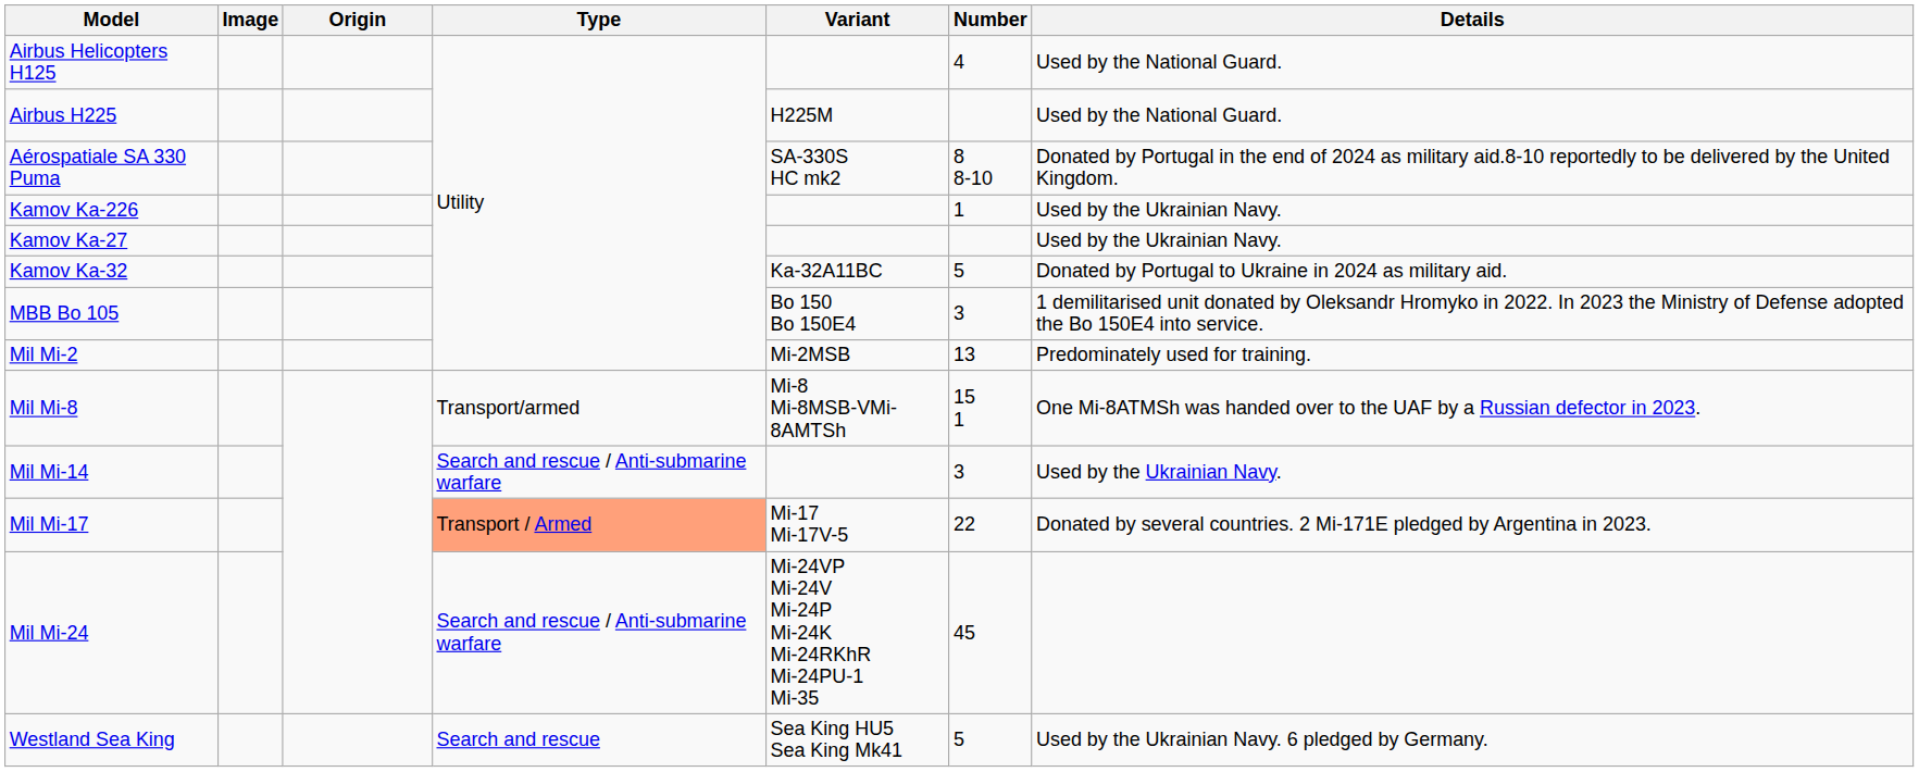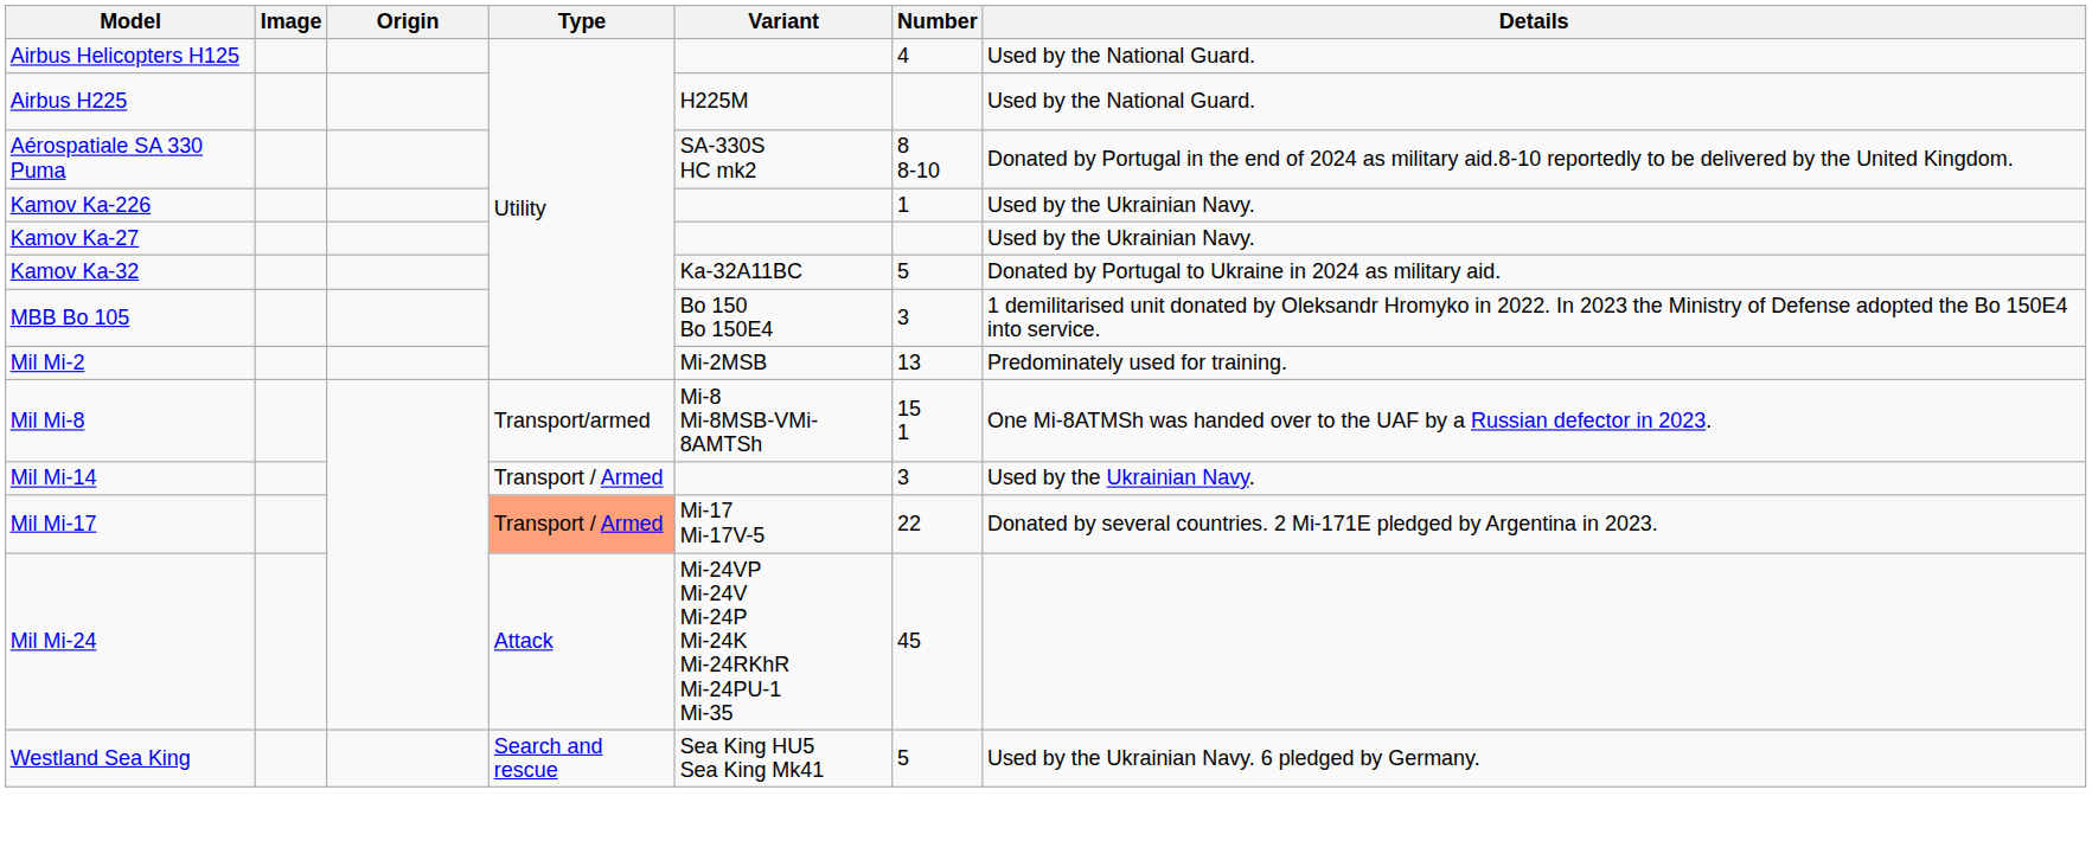 <table class="wikitable sortable">
 <tr>
 <th>Model</th>
 <th>Image</th>
 <th style="width:115px;">Origin</th>
 <th>Type</th>
 <th>Variant</th>
 <th>Number</th>
 <th>Details</th>
 </tr>
 <tr>
 <td><a href='#'>Airbus Helicopters H125</a></td>
 <td></td>
 <td></td>
 <td rowspan="8">Utility</td>
 <td></td>
 <td>4</td>
 <td>Used by the National Guard.</td>
 </tr>
 <tr>
 <td><a href='#'>Airbus H225</a></td>
 <td></td>
 <td><br><br></td>
 <td>H225M</td>
 <td></td>
 <td>Used by the National Guard.</td>
 </tr>
 <tr>
 <td><a href='#'>Aérospatiale SA 330 Puma</a></td>
 <td></td>
 <td></td>
 <td>SA-330S<br>HC mk2</td>
 <td>8<br>8-10</td>
 <td>Donated by Portugal in the end of 2024 as military aid.8-10 reportedly to be delivered by the United Kingdom.</td>
 </tr>
 <tr>
 <td><a href='#'>Kamov Ka-226</a></td>
 <td></td>
 <td></td>
 <td></td>
 <td>1</td>
 <td>Used by the Ukrainian Navy.</td>
 </tr>
 <tr>
 <td><a href='#'>Kamov Ka-27</a></td>
 <td></td>
 <td></td>
 <td></td>
 <td></td>
 <td>Used by the Ukrainian Navy.</td>
 </tr>
 <tr>
 <td><a href='#'>Kamov Ka-32</a></td>
 <td></td>
 <td></td>
 <td>Ka-32A11BC</td>
 <td>5</td>
 <td>Donated by Portugal to Ukraine in 2024 as military aid.</td>
 </tr>
 <tr>
 <td><a href='#'>MBB Bo 105</a></td>
 <td></td>
 <td></td>
 <td>Bo 150<br>Bo 150E4</td>
 <td>3</td>
 <td>1 demilitarised unit donated by Oleksandr Hromyko in 2022. In 2023 the Ministry of Defense adopted the Bo 150E4 into service.</td>
 </tr>
 <tr>
 <td><a href='#'>Mil Mi-2</a></td>
 <td></td>
 <td><br></td>
 <td>Mi-2MSB</td>
 <td>13</td>
 <td>Predominately used for training.</td>
 </tr>
 <tr>
 <td><a href='#'>Mil Mi-8</a></td>
 <td></td>
 <td rowspan="4"><br> </td>
 <td>Transport/armed</td>
 <td>Mi-8<br>Mi-8MSB-VMi-8AMTSh</td>
 <td>15<br>1</td>
 <td>One Mi-8ATMSh was handed over to the UAF by a <a href='#'>Russian defector in 2023</a>.</td>
 </tr>
 <tr>
 <td><a href='#'>Mil Mi-14</a></td>
 <td></td>
-<td><a href='#'>Search and rescue</a> / <a href='#'>Anti-submarine warfare</a></td>
+<td>Transport / <a href='#'>Armed</a></td>
 <td></td>
 <td>3</td>
 <td>Used by the <a href='#'>Ukrainian Navy</a>.</td>
 </tr>
 <tr>
 <td><a href='#'>Mil Mi-17</a></td>
 <td></td>
 <td style="background: lightsalmon;">Transport / <a href='#'>Armed</a></td>
 <td>Mi-17<br>Mi-17V-5</td>
 <td>22</td>
 <td>Donated by several countries. 2 Mi-171E pledged by Argentina in 2023.</td>
 </tr>
 <tr>
 <td><a href='#'>Mil Mi-24</a></td>
 <td></td>
-<td><a href='#'>Search and rescue</a> / <a href='#'>Anti-submarine warfare</a></td>
+<td><a href='#'>Attack</a></td>
 <td>Mi-24VP<br>Mi-24V<br>Mi-24P<br>Mi-24K<br>Mi-24RKhR<br>Mi-24PU-1<br>Mi-35</td>
 <td>45</td>
 <td></td>
 </tr>
 <tr>
 <td><a href='#'>Westland Sea King</a></td>
 <td></td>
 <td><br></td>
 <td><a href='#'>Search and rescue</a></td>
 <td>Sea King HU5<br>Sea King Mk41</td>
 <td>5</td>
 <td>Used by the Ukrainian Navy. 6 pledged by Germany.</td>
 </tr>
 </table>
